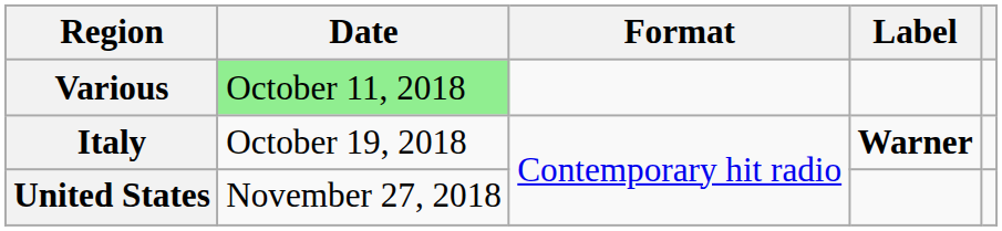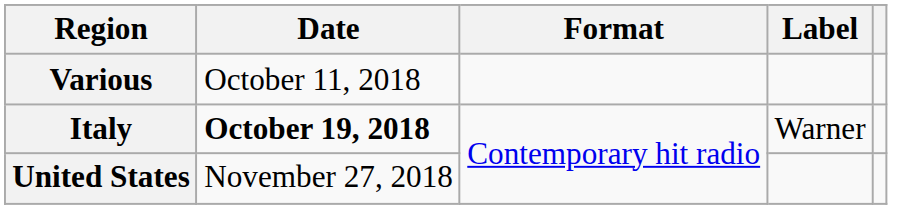 <table class="wikitable plainrowheaders">
 <tr>
 <th scope="col">Region</th>
 <th scope="col">Date</th>
 <th scope="col">Format</th>
 <th scope="col">Label</th>
 <th scope="col"></th>
 </tr>
 <tr>
 <th scope="row">Various</th>
-<td style="background: lightgreen;">October 11, 2018</td>
+<td>October 11, 2018</td>
 <td></td>
 <td></td>
 <td></td>
 </tr>
 <tr>
 <th scope="row">Italy</th>
-<td>October 19, 2018</td>
+<td><strong>October 19, 2018</strong></td>
 <td rowspan="2"><a href='#'>Contemporary hit radio</a></td>
-<td><strong>Warner</strong></td>
+<td>Warner</td>
 <td></td>
 </tr>
 <tr>
 <th scope="row">United States</th>
 <td>November 27, 2018</td>
 <td></td>
 <td></td>
 </tr>
 </table>
